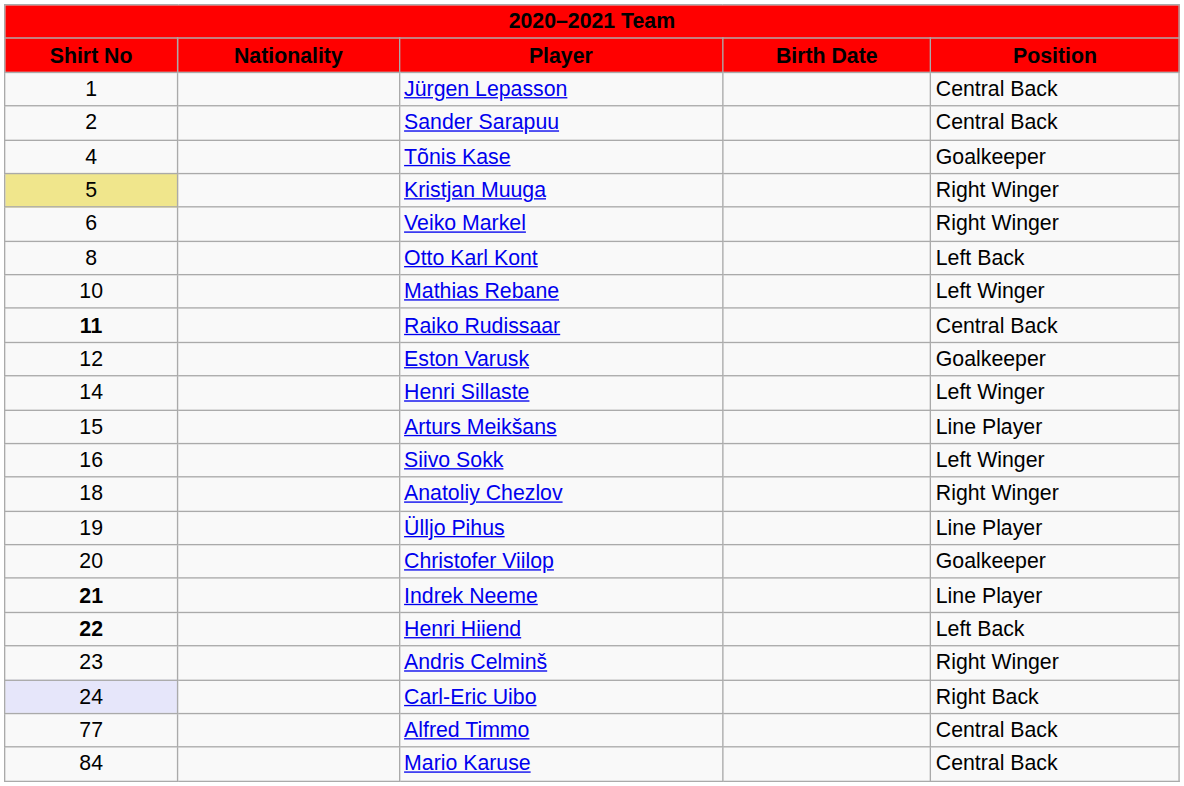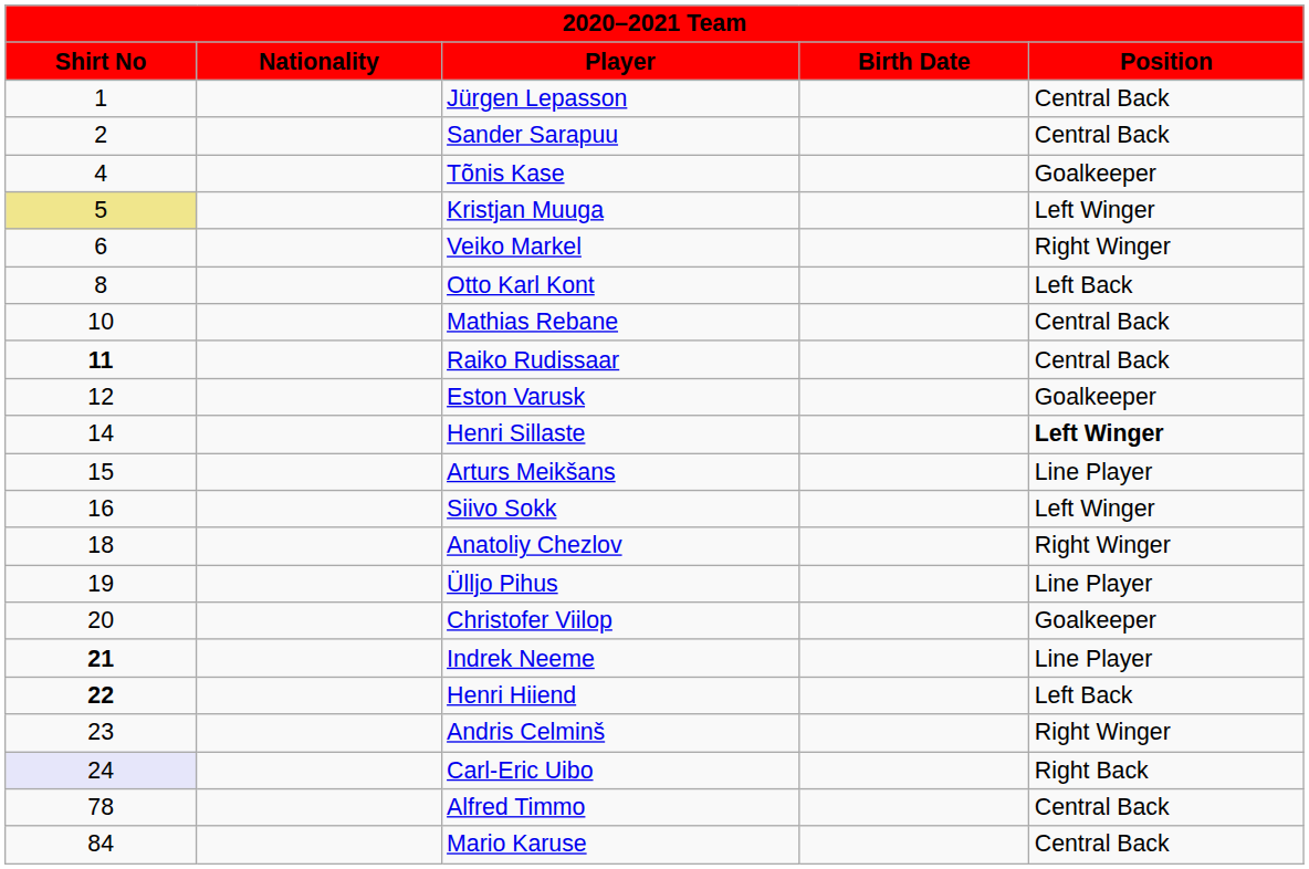 <table class="wikitable collapsible collapsed" style="width:100%">
 <tr>
 <th colspan=5 style="background-color:#FF0000;color:#000000;text-align:center;"> <strong>2020–2021 Team</strong></th>
 </tr>
 <tr>
 <th style="color:#000000; background:#FF0000">Shirt No</th>
 <th style="color:#000000; background:#FF0000">Nationality</th>
 <th style="color:#000000; background:#FF0000">Player</th>
 <th style="color:#000000; background:#FF0000">Birth Date</th>
 <th style="color:#000000; background:#FF0000">Position</th>
 </tr>
 <tr>
 <td align=center>1</td>
 <td></td>
 <td><a href='#'>Jürgen Lepasson</a></td>
 <td></td>
 <td>Central Back</td>
 </tr>
 <tr>
 <td align=center>2</td>
 <td></td>
 <td><a href='#'>Sander Sarapuu</a></td>
 <td></td>
 <td>Central Back</td>
 </tr>
 <tr>
 <td align=center>4</td>
 <td></td>
 <td><a href='#'>Tõnis Kase</a></td>
 <td></td>
 <td>Goalkeeper</td>
 </tr>
 <tr>
 <td align=center style="background: khaki;">5</td>
 <td></td>
 <td><a href='#'>Kristjan Muuga</a></td>
 <td></td>
-<td>Right Winger</td>
+<td>Left Winger</td>
 </tr>
 <tr>
 <td align=center>6</td>
 <td></td>
 <td><a href='#'>Veiko Markel</a></td>
 <td></td>
 <td>Right Winger</td>
 </tr>
 <tr>
 <td align=center>8</td>
 <td></td>
 <td><a href='#'>Otto Karl Kont</a></td>
 <td></td>
 <td>Left Back</td>
 </tr>
 <tr>
 <td align=center>10</td>
 <td></td>
 <td><a href='#'>Mathias Rebane</a></td>
 <td></td>
-<td>Left Winger</td>
+<td>Central Back</td>
 </tr>
 <tr>
 <td align=center><strong>11</strong></td>
 <td></td>
 <td><a href='#'>Raiko Rudissaar</a></td>
 <td></td>
 <td>Central Back</td>
 </tr>
 <tr>
 <td align=center>12</td>
 <td></td>
 <td><a href='#'>Eston Varusk</a></td>
 <td></td>
 <td>Goalkeeper</td>
 </tr>
 <tr>
 <td align=center>14</td>
 <td></td>
 <td><a href='#'>Henri Sillaste</a></td>
 <td></td>
-<td>Left Winger</td>
+<td><strong>Left Winger</strong></td>
 </tr>
 <tr>
 <td align=center>15</td>
 <td></td>
 <td><a href='#'>Arturs Meikšans</a></td>
 <td></td>
 <td>Line Player</td>
 </tr>
 <tr>
 <td align=center>16</td>
 <td></td>
 <td><a href='#'>Siivo Sokk</a></td>
 <td></td>
 <td>Left Winger</td>
 </tr>
 <tr>
 <td align=center>18</td>
 <td></td>
 <td><a href='#'>Anatoliy Chezlov</a></td>
 <td></td>
 <td>Right Winger</td>
 </tr>
 <tr>
 <td align=center>19</td>
 <td></td>
 <td><a href='#'>Ülljo Pihus</a></td>
 <td></td>
 <td>Line Player</td>
 </tr>
 <tr>
 <td align=center>20</td>
 <td></td>
 <td><a href='#'>Christofer Viilop</a></td>
 <td></td>
 <td>Goalkeeper</td>
 </tr>
 <tr>
 <td align=center><strong>21</strong></td>
 <td></td>
 <td><a href='#'>Indrek Neeme</a></td>
 <td></td>
 <td>Line Player</td>
 </tr>
 <tr>
 <td align=center><strong>22</strong></td>
 <td></td>
 <td><a href='#'>Henri Hiiend</a></td>
 <td></td>
 <td>Left Back</td>
 </tr>
 <tr>
 <td align=center>23</td>
 <td></td>
 <td><a href='#'>Andris Celminš</a></td>
 <td></td>
 <td>Right Winger</td>
 </tr>
 <tr>
 <td align=center style="background: lavender;">24</td>
 <td></td>
 <td><a href='#'>Carl-Eric Uibo</a></td>
 <td></td>
 <td>Right Back</td>
 </tr>
 <tr>
-<td align=center>77</td>
+<td align=center>78</td>
 <td></td>
 <td><a href='#'>Alfred Timmo</a></td>
 <td></td>
 <td>Central Back</td>
 </tr>
 <tr>
 <td align=center>84</td>
 <td></td>
 <td><a href='#'>Mario Karuse</a></td>
 <td></td>
 <td>Central Back</td>
 </tr>
 </table>
